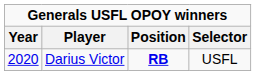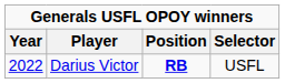 <table class="wikitable" style="text-align:center">
 <tr>
 <td align="center" colspan="4"><strong>Generals USFL OPOY winners</strong></td>
 </tr>
 <tr>
 <th>Year</th>
 <th>Player</th>
 <th>Position</th>
 <th>Selector</th>
 </tr>
 <tr>
-<td><a href='#'>2020</a></td>
+<td><a href='#'>2022</a></td>
 <td><a href='#'>Darius Victor</a></td>
 <td><strong><a href='#'>RB</a></strong></td>
 <td>USFL</td>
 </tr>
 </table>
